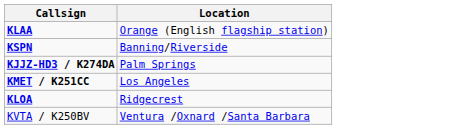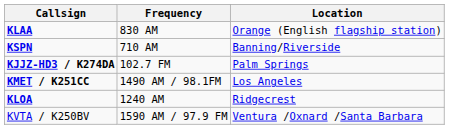 <table class="wikitable sortable">
 <tr>
 <th>Callsign</th>
+<th>Frequency</th>
 <th>Location</th>
 </tr>
 <tr>
 <td><strong><a href='#'>KLAA</a></strong></td>
+<td data-sort-value=000830>830 AM</td>
 <td><a href='#'>Orange</a> (English <a href='#'>flagship station</a>)</td>
 </tr>
 <tr>
 <td><strong><a href='#'>KSPN</a></strong></td>
+<td data-sort-value=000710>710 AM</td>
 <td><a href='#'>Banning</a>/<a href='#'>Riverside</a></td>
 </tr>
 <tr>
 <td><strong><a href='#'>KJJZ-HD3</a> / K274DA</strong></td>
+<td data-sort-value=001010>102.7 FM</td>
 <td><a href='#'>Palm Springs</a></td>
 </tr>
 <tr>
 <td><strong><a href='#'>KMET</a> / K251CC</strong></td>
+<td data-sort-value=001490>1490 AM / 98.1FM</td>
 <td><a href='#'>Los Angeles</a></td>
 </tr>
 <tr>
 <td><strong><a href='#'>KLOA</a></strong></td>
+<td data-sort-value=001240>1240 AM</td>
 <td><a href='#'>Ridgecrest</a></td>
 </tr>
 <tr>
 <td><a href='#'>KVTA</a> / K250BV</td>
+<td data-sort-value=000910>1590 AM / 97.9 FM</td>
 <td><a href='#'>Ventura</a> /<a href='#'>Oxnard</a> /<a href='#'>Santa Barbara</a></td>
 </tr>
 </table>
